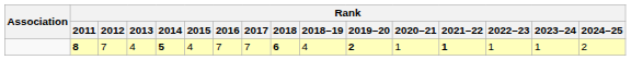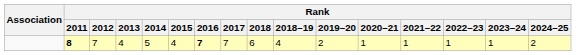 <table class="wikitable sortable" style="texT–align: center;">
 <tr>
 <th rowspan=2>Association</th>
 <th colspan=15>Rank </th>
 </tr>
 <tr>
 <th data-sort-type="number">2011</th>
 <th data-sort-type="number">2012</th>
 <th data-sort-type="number">2013</th>
 <th data-sort-type="number">2014</th>
 <th data-sort-type="number">2015</th>
 <th data-sort-type="number">2016</th>
 <th data-sort-type="number">2017</th>
 <th data-sort-type="number">2018</th>
 <th data-sort-type="number">2018–19</th>
 <th data-sort-type="number">2019–20</th>
 <th data-sort-type="number">2020–21</th>
 <th !data-sort-type="number">2021–22</th>
 <th data-sort-type="number">2022–23</th>
 <th data-sort-type="number">2023–24</th>
 <th data-sort-type="number">2024–25</th>
 </tr>
 <tr>
 <td align=left><strong></strong></td>
 <td bgcolor=#FFFFBB><strong>8 </strong></td>
 <td bgcolor=#FFFFBB>7 </td>
 <td bgcolor=#FFFFBB>4 </td>
-<td bgcolor=#FFFFBB><strong>5 </strong></td>
+<td bgcolor=#FFFFBB>5 </td>
 <td bgcolor=#FFFFBB>4 </td>
+<td bgcolor=#FFFFBB><strong>7 </strong></td>
 <td bgcolor=#FFFFBB>7 </td>
-<td bgcolor=#FFFFBB>7 </td>
-<td bgcolor=#FFFFBB><strong>6 </strong></td>
+<td bgcolor=#FFFFBB>6 </td>
 <td bgcolor=#FFFFBB>4 </td>
-<td bgcolor=#FFFFBB><strong>2 </strong></td>
+<td bgcolor=#FFFFBB>2 </td>
 <td bgcolor=#FFFFBB>1 </td>
-<td bgcolor=#FFFFBB><strong>1 </strong></td>
+<td bgcolor=#FFFFBB>1 </td>
 <td bgcolor=#FFFFBB>1 </td>
 <td bgcolor=#FFFFBB>1 </td>
 <td bgcolor=#FFFFBB>2 </td>
 </tr>
 </table>
